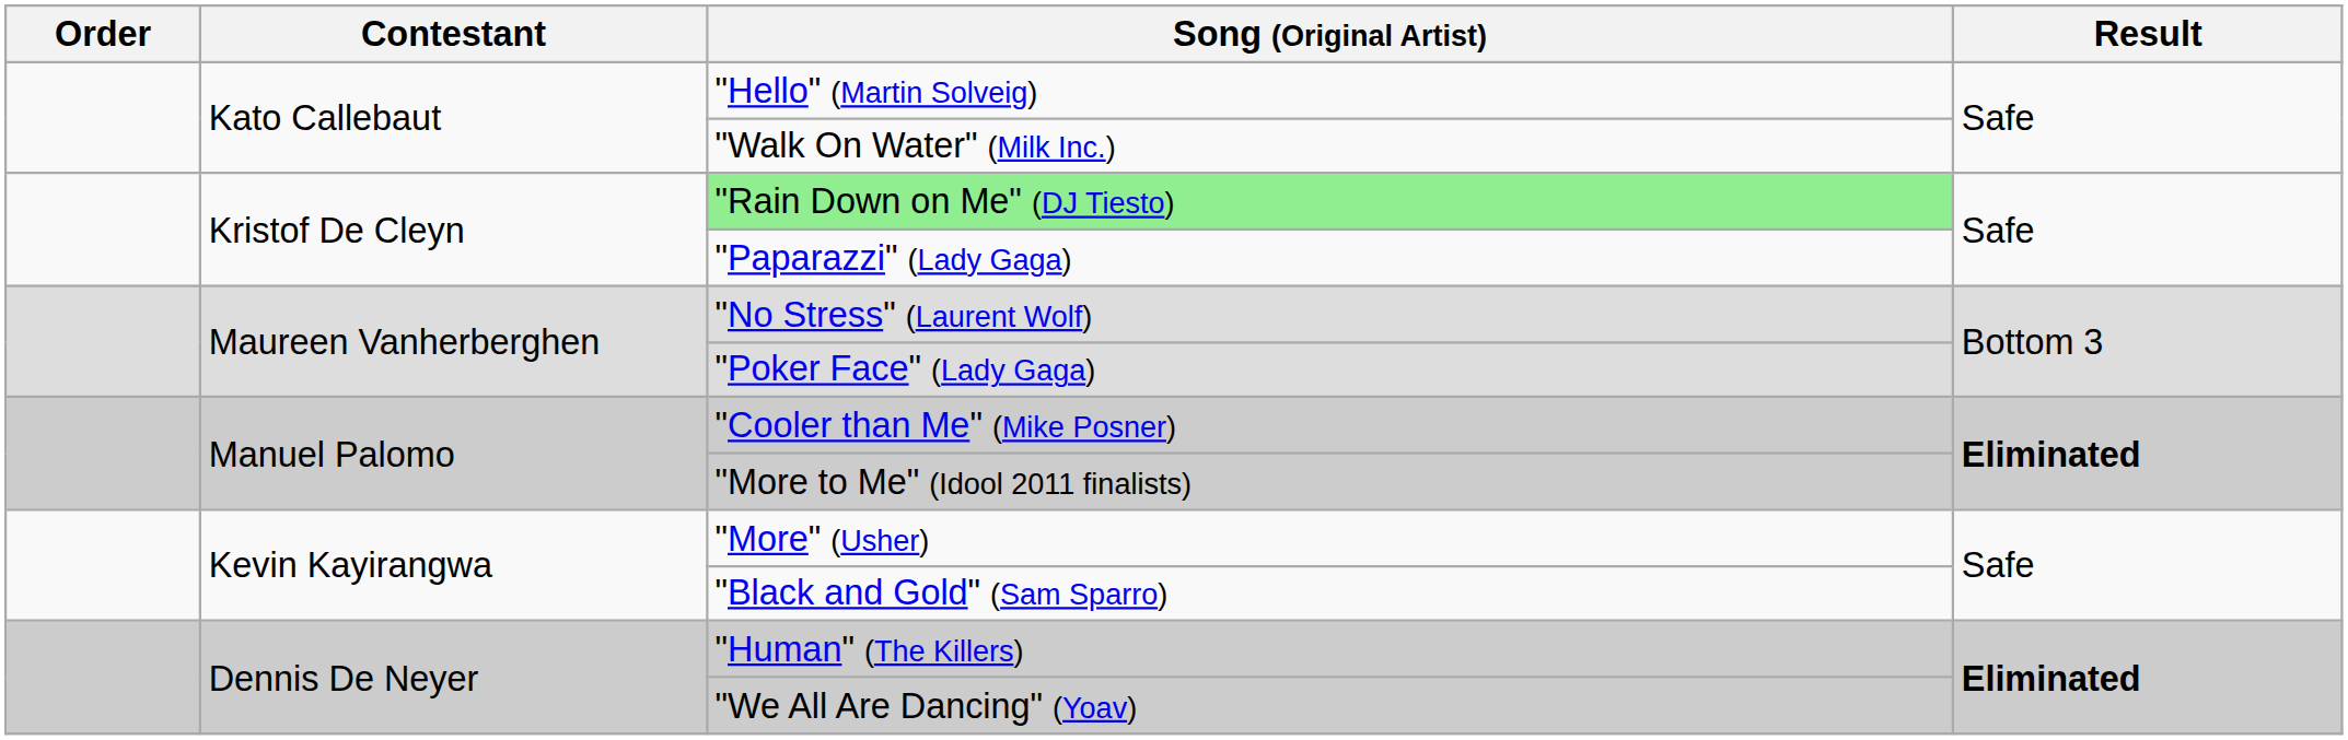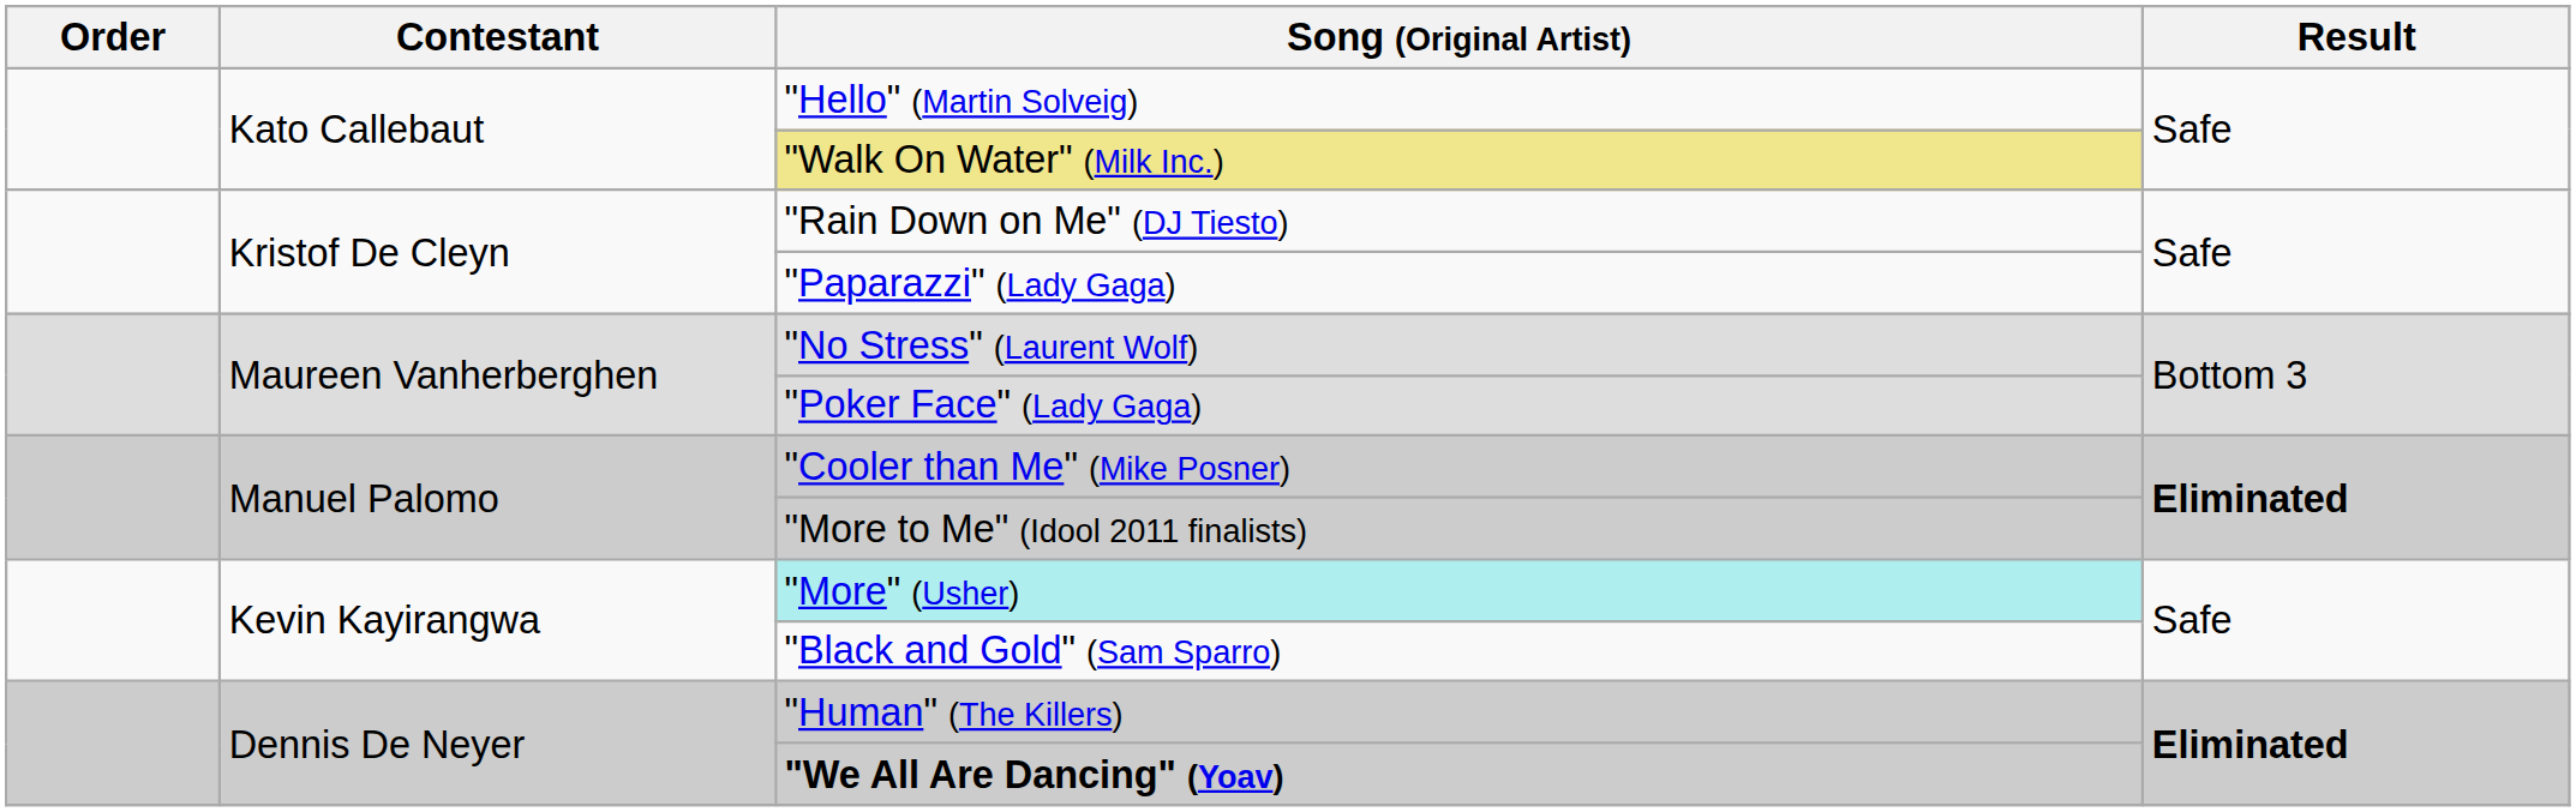 <table class="wikitable" style="font-size:90%; width:60%; text-align: left;">
 <tr>
 <th width="05%">Order</th>
 <th width="13%">Contestant</th>
 <th width="32%">Song <small>(Original Artist)</small></th>
 <th width="10%">Result</th>
 </tr>
 <tr>
 <td rowspan="2"></td>
 <td rowspan="2">Kato Callebaut</td>
 <td>"<a href='#'>Hello</a>" <small>(<a href='#'>Martin Solveig</a>)</small></td>
 <td rowspan="2">Safe</td>
 </tr>
 <tr>
-<td>"Walk On Water" <small>(<a href='#'>Milk Inc.</a>)</small></td>
+<td style="background: khaki;">"Walk On Water" <small>(<a href='#'>Milk Inc.</a>)</small></td>
 </tr>
 <tr>
 <td rowspan="2"></td>
 <td rowspan="2">Kristof De Cleyn</td>
-<td style="background: lightgreen;">"Rain Down on Me" <small>(<a href='#'>DJ Tiesto</a>)</small></td>
+<td>"Rain Down on Me" <small>(<a href='#'>DJ Tiesto</a>)</small></td>
 <td rowspan="2">Safe</td>
 </tr>
 <tr>
 <td>"<a href='#'>Paparazzi</a>" <small>(<a href='#'>Lady Gaga</a>)</small></td>
 </tr>
 <tr>
 <td bgcolor="DDDDDD" rowspan="2"></td>
 <td bgcolor="DDDDDD" rowspan="2">Maureen Vanherberghen</td>
 <td bgcolor="DDDDDD">"<a href='#'>No Stress</a>" <small>(<a href='#'>Laurent Wolf</a>)</small></td>
 <td bgcolor="DDDDDD" rowspan="2">Bottom 3</td>
 </tr>
 <tr>
 <td bgcolor="DDDDDD">"<a href='#'>Poker Face</a>" <small>(<a href='#'>Lady Gaga</a>)</small></td>
 </tr>
 <tr>
 <td bgcolor="CCCCCC" rowspan="2"></td>
 <td bgcolor="CCCCCC" rowspan="2">Manuel Palomo</td>
 <td bgcolor="CCCCCC">"<a href='#'>Cooler than Me</a>" <small>(<a href='#'>Mike Posner</a>)</small></td>
 <td bgcolor="CCCCCC" rowspan="2"><strong>Eliminated</strong></td>
 </tr>
 <tr>
 <td bgcolor="CCCCCC">"More to Me" <small>(Idool 2011 finalists)</small></td>
 </tr>
 <tr>
 <td rowspan="2"></td>
 <td rowspan="2">Kevin Kayirangwa</td>
-<td>"<a href='#'>More</a>" <small>(<a href='#'>Usher</a>)</small></td>
+<td style="background: paleturquoise;">"<a href='#'>More</a>" <small>(<a href='#'>Usher</a>)</small></td>
 <td rowspan="2">Safe</td>
 </tr>
 <tr>
 <td>"<a href='#'>Black and Gold</a>" <small>(<a href='#'>Sam Sparro</a>)</small></td>
 </tr>
 <tr>
 <td bgcolor="CCCCCC" rowspan="2"></td>
 <td bgcolor="CCCCCC" rowspan="2">Dennis De Neyer</td>
 <td bgcolor="CCCCCC">"<a href='#'>Human</a>" <small>(<a href='#'>The Killers</a>)</small></td>
 <td bgcolor="CCCCCC" rowspan="2"><strong>Eliminated</strong></td>
 </tr>
 <tr>
-<td bgcolor="CCCCCC">"We All Are Dancing" <small>(<a href='#'>Yoav</a>)</small></td>
+<td bgcolor="CCCCCC"><strong>"We All Are Dancing" <small>(<a href='#'>Yoav</a>)</small></strong></td>
 </tr>
 <tr>
 </tr>
 </table>
